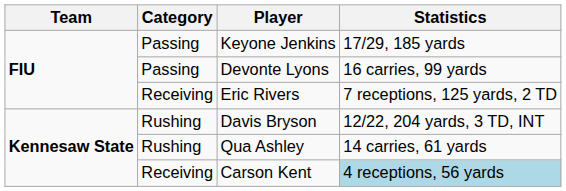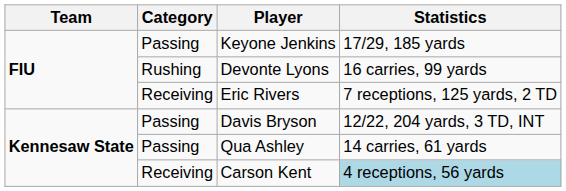 <table class="wikitable" style="float: right;">
 <tr>
 <th>Team</th>
 <th>Category</th>
 <th>Player</th>
 <th>Statistics</th>
 </tr>
 <tr>
 <td rowspan=3><strong>FIU</strong></td>
 <td>Passing</td>
 <td>Keyone Jenkins</td>
 <td>17/29, 185 yards</td>
 </tr>
 <tr>
-<td>Passing</td>
+<td>Rushing</td>
 <td>Devonte Lyons</td>
 <td>16 carries, 99 yards</td>
 </tr>
 <tr>
 <td>Receiving</td>
 <td>Eric Rivers</td>
 <td>7 receptions, 125 yards, 2 TD</td>
 </tr>
 <tr>
 <td rowspan=3><strong>Kennesaw State</strong></td>
-<td>Rushing</td>
+<td>Passing</td>
 <td>Davis Bryson</td>
 <td>12/22, 204 yards, 3 TD, INT</td>
 </tr>
 <tr>
-<td>Rushing</td>
+<td>Passing</td>
 <td>Qua Ashley</td>
 <td>14 carries, 61 yards</td>
 </tr>
 <tr>
 <td>Receiving</td>
 <td>Carson Kent</td>
 <td style="background: lightblue;">4 receptions, 56 yards</td>
 </tr>
 </table>
